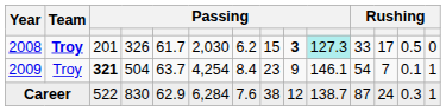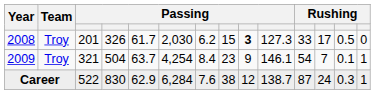 <table class="wikitable sortable" style="text-align:center;">
 <tr>
 <th rowspan=2>Year</th>
 <th rowspan=2>Team</th>
 <th colspan=8>Passing</th>
 <th colspan=4>Rushing</th>
 </tr>
 <tr>
 <th></th>
 <th></th>
 <th></th>
 <th></th>
 <th></th>
 <th></th>
 <th></th>
 <th></th>
 <th></th>
 <th></th>
 <th></th>
 <th></th>
 </tr>
 <tr>
 <td><a href='#'>2008</a></td>
-<td><strong><a href='#'>Troy</a></strong></td>
+<td><a href='#'>Troy</a></td>
 <td>201</td>
 <td>326</td>
 <td>61.7</td>
 <td>2,030</td>
 <td>6.2</td>
 <td>15</td>
 <td><strong>3</strong></td>
-<td style="background: paleturquoise;">127.3</td>
+<td>127.3</td>
 <td>33</td>
 <td>17</td>
 <td>0.5</td>
 <td>0</td>
 </tr>
 <tr>
 <td><a href='#'>2009</a></td>
 <td><a href='#'>Troy</a></td>
-<td><strong>321</strong></td>
+<td>321</td>
 <td>504</td>
 <td>63.7</td>
 <td>4,254</td>
 <td>8.4</td>
 <td>23</td>
 <td>9</td>
 <td>146.1</td>
 <td>54</td>
 <td>7</td>
 <td>0.1</td>
 <td>1</td>
 </tr>
 <tr class="sortbottom" style="background:#eee;">
 <td colspan=2><strong>Career</strong></td>
 <td>522</td>
 <td>830</td>
 <td>62.9</td>
 <td>6,284</td>
 <td>7.6</td>
 <td>38</td>
 <td>12</td>
 <td>138.7</td>
 <td>87</td>
 <td>24</td>
 <td>0.3</td>
 <td>1</td>
 </tr>
 </table>
